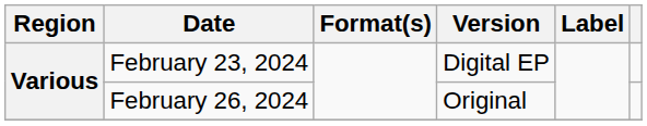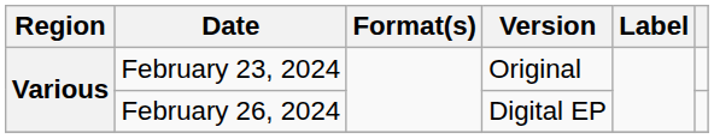 <table class="wikitable plainrowheaders">
 <tr>
 <th scope="col">Region</th>
 <th scope="col">Date</th>
 <th scope="col">Format(s)</th>
 <th scope="col">Version</th>
 <th scope="col">Label</th>
 <th scope="col"></th>
 </tr>
 <tr>
 <th rowspan="2" scope="row">Various</th>
 <td>February 23, 2024</td>
 <td rowspan="2"></td>
-<td>Digital EP</td>
+<td>Original</td>
 <td rowspan="2"></td>
 <td style="text-align:center;"></td>
 </tr>
 <tr>
 <td>February 26, 2024</td>
-<td>Original</td>
+<td>Digital EP</td>
 <td style="text-align:center;"></td>
 </tr>
 <tr>
 </tr>
 </table>
